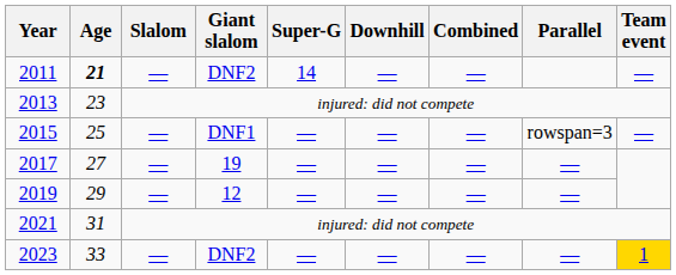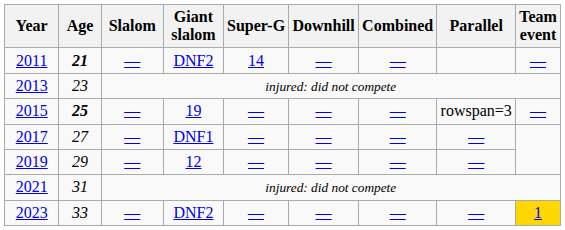 <table class=wikitable style="text-align:center">
 <tr>
 <th>  Year  </th>
 <th> Age </th>
 <th> Slalom </th>
 <th> Giant <br> slalom </th>
 <th>Super-G</th>
 <th>Downhill</th>
 <th>Combined</th>
 <th>Parallel</th>
 <th>Team<br>event</th>
 </tr>
 <tr>
 <td><a href='#'>2011</a></td>
 <td><strong><em>21</em></strong></td>
 <td><a href='#'>—</a></td>
 <td><a href='#'>DNF2</a></td>
 <td><a href='#'>14</a></td>
 <td><a href='#'>—</a></td>
 <td><a href='#'>—</a></td>
 <td></td>
 <td><a href='#'>—</a></td>
 </tr>
 <tr>
 <td><a href='#'>2013</a></td>
 <td><em>23</em></td>
 <td colspan=7><small><em>injured: did not compete</em></small></td>
 </tr>
 <tr>
 <td><a href='#'>2015</a></td>
-<td><em>25</em></td>
+<td><strong><em>25</em></strong></td>
 <td><a href='#'>—</a></td>
-<td><a href='#'>DNF1</a></td>
+<td><a href='#'>19</a></td>
 <td><a href='#'>—</a></td>
 <td><a href='#'>—</a></td>
 <td><a href='#'>—</a></td>
 <td>rowspan=3 </td>
 <td><a href='#'>—</a></td>
 </tr>
 <tr>
 <td><a href='#'>2017</a></td>
 <td><em>27</em></td>
 <td><a href='#'>—</a></td>
-<td><a href='#'>19</a></td>
+<td><a href='#'>DNF1</a></td>
 <td><a href='#'>—</a></td>
 <td><a href='#'>—</a></td>
 <td><a href='#'>—</a></td>
 <td><a href='#'>—</a></td>
 </tr>
 <tr>
 <td><a href='#'>2019</a></td>
 <td><em>29</em></td>
 <td><a href='#'>—</a></td>
 <td><a href='#'>12</a></td>
 <td><a href='#'>—</a></td>
 <td><a href='#'>—</a></td>
 <td><a href='#'>—</a></td>
 <td><a href='#'>—</a></td>
 </tr>
 <tr>
 <td><a href='#'>2021</a></td>
 <td><em>31</em></td>
 <td colspan=7><small><em>injured: did not compete</em></small></td>
 </tr>
 <tr>
 <td><a href='#'>2023</a></td>
 <td><em>33</em></td>
 <td><a href='#'>—</a></td>
 <td><a href='#'>DNF2</a></td>
 <td><a href='#'>—</a></td>
 <td><a href='#'>—</a></td>
 <td><a href='#'>—</a></td>
 <td><a href='#'>—</a></td>
 <td style="background:gold;"><a href='#'>1</a></td>
 </tr>
 </table>
